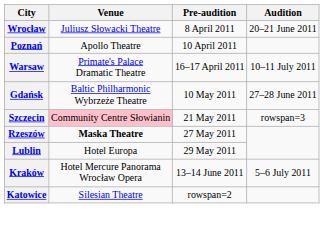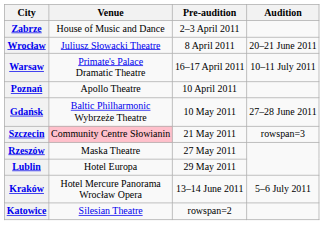 <table class="wikitable" style="font-size:85%; text-align:center">
 <tr>
 <th>City</th>
 <th>Venue</th>
 <th>Pre-audition</th>
 <th>Audition</th>
 </tr>
 <tr>
+<th><a href='#'>Zabrze</a></th>
+<td>House of Music and Dance</td>
+<td>2–3 April 2011</td>
+<td></td>
+</tr>
+<tr>
 <th><a href='#'>Wrocław</a></th>
 <td><a href='#'>Juliusz Słowacki Theatre</a></td>
 <td>8 April 2011</td>
 <td>20–21 June 2011</td>
 </tr>
 <tr>
+<th><a href='#'>Warsaw</a></th>
+<td><a href='#'>Primate's Palace</a>  <br> Dramatic Theatre </td>
+<td>16–17 April 2011</td>
+<td>10–11 July 2011</td>
+</tr>
+<tr>
 <th><a href='#'>Poznań</a></th>
 <td>Apollo Theatre</td>
 <td>10 April 2011</td>
 <td></td>
-</tr>
-<tr>
-<th><a href='#'>Warsaw</a></th>
-<td><a href='#'>Primate's Palace</a>  <br> Dramatic Theatre </td>
-<td>16–17 April 2011</td>
-<td>10–11 July 2011</td>
 </tr>
 <tr>
 <th><a href='#'>Gdańsk</a></th>
 <td><a href='#'>Baltic Philharmonic</a>  <br> Wybrzeże Theatre </td>
 <td>10 May 2011</td>
 <td>27–28 June 2011</td>
 </tr>
 <tr>
 <th><a href='#'>Szczecin</a></th>
 <td style="background: pink;">Community Centre Słowianin</td>
 <td>21 May 2011</td>
 <td>rowspan=3 </td>
 </tr>
 <tr>
 <th><a href='#'>Rzeszów</a></th>
-<td><strong>Maska Theatre</strong></td>
+<td>Maska Theatre</td>
 <td>27 May 2011</td>
 </tr>
 <tr>
 <th><a href='#'>Lublin</a></th>
 <td>Hotel Europa</td>
 <td>29 May 2011</td>
 </tr>
 <tr>
 <th><a href='#'>Kraków</a></th>
 <td>Hotel Mercure Panorama  <br> Wrocław Opera </td>
 <td>13–14 June 2011</td>
 <td>5–6 July 2011</td>
 </tr>
 <tr>
 <th><a href='#'>Katowice</a></th>
 <td><a href='#'>Silesian Theatre</a></td>
 <td>rowspan=2 </td>
 </tr>
 </table>
